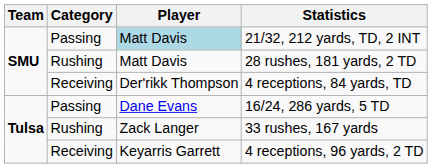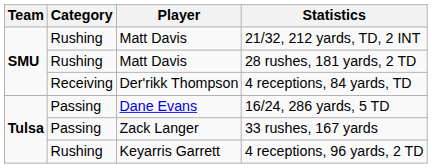 <table class="wikitable" style="float: left;">
 <tr>
 <th>Team</th>
 <th>Category</th>
 <th>Player</th>
 <th>Statistics</th>
 </tr>
 <tr>
 <td rowspan=3><strong>SMU</strong></td>
-<td>Passing</td>
-<td style="background: lightblue;">Matt Davis</td>
+<td>Rushing</td>
+<td>Matt Davis</td>
 <td>21/32, 212 yards, TD, 2 INT</td>
 </tr>
 <tr>
 <td>Rushing</td>
 <td>Matt Davis</td>
 <td>28 rushes, 181 yards, 2 TD</td>
 </tr>
 <tr>
 <td>Receiving</td>
 <td>Der'rikk Thompson</td>
 <td>4 receptions, 84 yards, TD</td>
 </tr>
 <tr>
 <td rowspan=3><strong>Tulsa</strong></td>
 <td>Passing</td>
 <td><a href='#'>Dane Evans</a></td>
 <td>16/24, 286 yards, 5 TD</td>
 </tr>
 <tr>
-<td>Rushing</td>
+<td>Passing</td>
 <td>Zack Langer</td>
 <td>33 rushes, 167 yards</td>
 </tr>
 <tr>
-<td>Receiving</td>
+<td>Rushing</td>
 <td>Keyarris Garrett</td>
 <td>4 receptions, 96 yards, 2 TD</td>
 </tr>
 </table>
